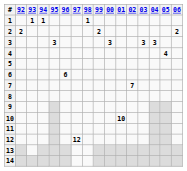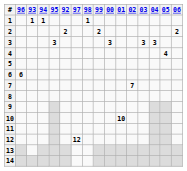 <table class="wikitable" style="text-align: center; font-size:80%">
 <tr>
 <th>#</th>
-<th><strong><a href='#'>92</a></strong></th>
+<th><strong><a href='#'>96</a></strong></th>
 <th><strong><a href='#'>93</a></strong></th>
 <th><strong><a href='#'>94</a></strong></th>
 <th><strong><a href='#'>95</a></strong></th>
-<th><strong><a href='#'>96</a></strong></th>
+<th><strong><a href='#'>92</a></strong></th>
 <th><strong><a href='#'>97</a></strong></th>
 <th><strong><a href='#'>98</a></strong></th>
 <th><strong><a href='#'>99</a></strong></th>
 <th><strong><a href='#'>00</a></strong></th>
 <th><strong><a href='#'>01</a></strong></th>
 <th><strong><a href='#'>02</a></strong></th>
 <th><strong><a href='#'>03</a></strong></th>
 <th><strong><a href='#'>04</a></strong></th>
 <th><strong><a href='#'>05</a></strong></th>
 <th><strong><a href='#'>06</a></strong></th>
 </tr>
 <tr>
 <th>1</th>
 <td></td>
 <td><span><strong>1</strong></span></td>
 <td><span><strong>1</strong></span></td>
 <td></td>
 <td></td>
 <td></td>
 <td><span><strong>1</strong></span></td>
 <td></td>
 <td></td>
 <td></td>
 <td></td>
 <td></td>
 <td></td>
 <td></td>
 <td></td>
 </tr>
 <tr>
 <th>2</th>
-<td><span><strong>2</strong></span></td>
 <td></td>
 <td></td>
 <td></td>
 <td></td>
+<td><span><strong>2</strong></span></td>
 <td></td>
 <td></td>
 <td><span><strong>2</strong></span></td>
 <td></td>
 <td></td>
 <td></td>
 <td></td>
 <td></td>
 <td></td>
 <td><span><strong>2</strong></span></td>
 </tr>
 <tr>
 <th>3</th>
 <td></td>
 <td></td>
 <td></td>
 <td><span><strong>3</strong></span></td>
 <td></td>
 <td></td>
 <td></td>
 <td></td>
 <td><span><strong>3</strong></span></td>
 <td></td>
 <td></td>
 <td><span><strong>3</strong></span></td>
 <td><span><strong>3</strong></span></td>
 <td></td>
 <td></td>
 </tr>
 <tr>
 <th>4</th>
 <td></td>
 <td></td>
 <td></td>
 <td></td>
 <td></td>
 <td></td>
 <td></td>
 <td></td>
 <td></td>
 <td></td>
 <td></td>
 <td></td>
 <td></td>
 <td><span><strong>4</strong></span></td>
 <td></td>
 </tr>
 <tr>
 <th>5</th>
 <td></td>
 <td></td>
 <td></td>
 <td></td>
 <td></td>
 <td></td>
 <td></td>
 <td></td>
 <td></td>
 <td></td>
 <td></td>
 <td></td>
 <td></td>
 <td></td>
 <td></td>
 </tr>
 <tr>
 <th>6</th>
+<td><span><strong>6</strong></span></td>
 <td></td>
 <td></td>
 <td></td>
 <td></td>
-<td><span><strong>6</strong></span></td>
 <td></td>
 <td></td>
 <td></td>
 <td></td>
 <td></td>
 <td></td>
 <td></td>
 <td></td>
 <td></td>
 <td></td>
 </tr>
 <tr>
 <th>7</th>
 <td></td>
 <td></td>
 <td></td>
 <td></td>
 <td></td>
 <td></td>
 <td></td>
 <td></td>
 <td></td>
 <td></td>
 <td><span><strong>7</strong></span></td>
 <td></td>
 <td></td>
 <td></td>
 <td></td>
 </tr>
 <tr>
 <th>8</th>
 <td></td>
 <td></td>
 <td></td>
 <td></td>
 <td></td>
 <td></td>
 <td></td>
 <td></td>
 <td></td>
 <td></td>
 <td></td>
 <td></td>
 <td></td>
 <td></td>
 <td></td>
 </tr>
 <tr>
 <th>9</th>
 <td></td>
 <td></td>
 <td></td>
 <td style="background:#dcdcdc"></td>
 <td></td>
 <td></td>
 <td></td>
 <td></td>
 <td></td>
 <td></td>
 <td></td>
 <td></td>
 <td style="background:#dcdcdc"></td>
 <td style="background:#dcdcdc"></td>
 <td></td>
 </tr>
 <tr>
 <th>10</th>
 <td></td>
 <td></td>
 <td></td>
 <td style="background:#dcdcdc"></td>
 <td></td>
 <td></td>
 <td></td>
 <td></td>
 <td></td>
 <td><span><strong>10</strong></span></td>
 <td></td>
 <td></td>
 <td style="background:#dcdcdc"></td>
 <td style="background:#dcdcdc"></td>
 <td></td>
 </tr>
 <tr>
 <th>11</th>
 <td></td>
 <td></td>
 <td></td>
 <td style="background:#dcdcdc"></td>
 <td></td>
 <td></td>
 <td></td>
 <td></td>
 <td></td>
 <td></td>
 <td></td>
 <td></td>
 <td style="background:#dcdcdc"></td>
 <td style="background:#dcdcdc"></td>
 <td></td>
 </tr>
 <tr>
 <th>12</th>
 <td></td>
 <td></td>
 <td></td>
 <td style="background:#dcdcdc"></td>
 <td></td>
 <td><span><strong>12</strong></span></td>
 <td></td>
 <td></td>
 <td></td>
 <td></td>
 <td></td>
 <td></td>
 <td style="background:#dcdcdc"></td>
 <td style="background:#dcdcdc"></td>
 <td></td>
 </tr>
 <tr>
 <th>13</th>
 <td style="background:#dcdcdc"></td>
 <td></td>
 <td style="background:#dcdcdc"></td>
 <td style="background:#dcdcdc"></td>
 <td style="background:#dcdcdc"></td>
 <td></td>
 <td></td>
 <td style="background:#dcdcdc"></td>
 <td style="background:#dcdcdc"></td>
 <td style="background:#dcdcdc"></td>
 <td style="background:#dcdcdc"></td>
 <td style="background:#dcdcdc"></td>
 <td style="background:#dcdcdc"></td>
 <td style="background:#dcdcdc"></td>
 <td style="background:#dcdcdc"></td>
 </tr>
 <tr>
 <th>14</th>
 <td style="background:#dcdcdc"></td>
 <td style="background:#dcdcdc"></td>
 <td style="background:#dcdcdc"></td>
 <td style="background:#dcdcdc"></td>
 <td style="background:#dcdcdc"></td>
 <td></td>
 <td></td>
 <td style="background:#dcdcdc"></td>
 <td style="background:#dcdcdc"></td>
 <td style="background:#dcdcdc"></td>
 <td style="background:#dcdcdc"></td>
 <td style="background:#dcdcdc"></td>
 <td style="background:#dcdcdc"></td>
 <td style="background:#dcdcdc"></td>
 <td style="background:#dcdcdc"></td>
 </tr>
 </table>
